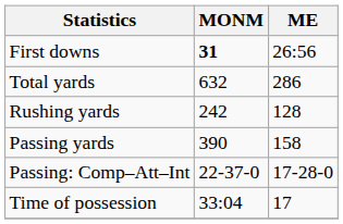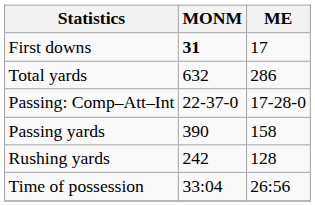 <table class="wikitable" style="float: left;">
 <tr>
 <th>Statistics</th>
 <th>MONM</th>
 <th>ME</th>
 </tr>
 <tr>
 <td>First downs</td>
 <td><strong>31</strong></td>
-<td>26:56</td>
+<td>17</td>
 </tr>
 <tr>
 <td>Total yards</td>
 <td>632</td>
 <td>286</td>
 </tr>
 <tr>
-<td>Rushing yards</td>
-<td>242</td>
-<td>128</td>
+<td>Passing: Comp–Att–Int</td>
+<td>22-37-0</td>
+<td>17-28-0</td>
 </tr>
 <tr>
 <td>Passing yards</td>
 <td>390</td>
 <td>158</td>
 </tr>
 <tr>
-<td>Passing: Comp–Att–Int</td>
-<td>22-37-0</td>
-<td>17-28-0</td>
+<td>Rushing yards</td>
+<td>242</td>
+<td>128</td>
 </tr>
 <tr>
 <td>Time of possession</td>
 <td>33:04</td>
-<td>17</td>
+<td>26:56</td>
 </tr>
 <tr>
 </tr>
 </table>
